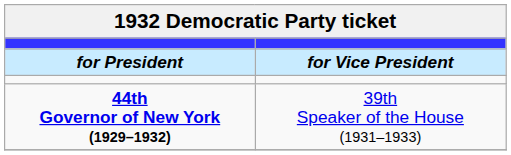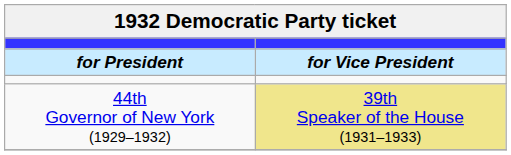 <table class="wikitable" style="font-size:90%; text-align:center;">
 <tr>
 <td style="background:#f1f1f1;" colspan="30"><big><strong>1932 Democratic Party ticket </strong></big></td>
 </tr>
 <tr>
 <th style="width:3em; font-size:135%; background:#3333FF; width:200px;"><a href='#'></a></th>
 <th style="width:3em; font-size:135%; background:#3333FF; width:200px;"><a href='#'></a></th>
 </tr>
 <tr>
 <td style="width:3em; font-size:100%; color:#000; background:#C8EBFF; width:200px;"><strong><em>for President</em></strong></td>
 <td style="width:3em; font-size:100%; color:#000; background:#C8EBFF; width:200px;"><strong><em>for Vice President</em></strong></td>
 </tr>
 <tr>
 <td></td>
 <td></td>
 </tr>
 <tr>
-<td><strong><a href='#'>44th</a><br><a href='#'>Governor of New York</a><br><small>(1929–1932)</small></strong></td>
-<td><a href='#'>39th</a><br><a href='#'>Speaker of the House</a><br><small>(1931–1933)</small></td>
+<td><a href='#'>44th</a><br><a href='#'>Governor of New York</a><br><small>(1929–1932)</small></td>
+<td style="background: khaki;"><a href='#'>39th</a><br><a href='#'>Speaker of the House</a><br><small>(1931–1933)</small></td>
 </tr>
 <tr>
 </tr>
 </table>
